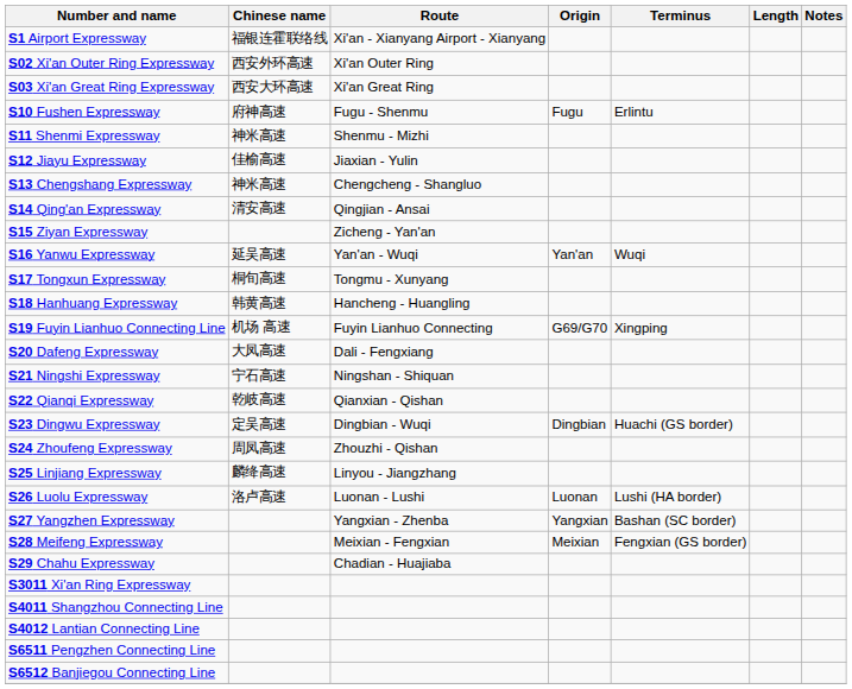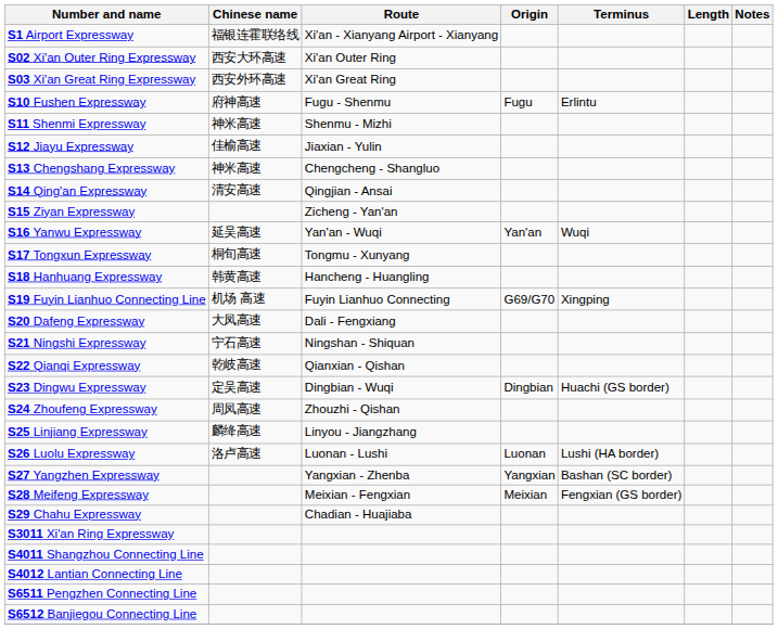 <table class="wikitable collapsible">
 <tr>
 <th>Number and name</th>
 <th>Chinese name</th>
 <th>Route</th>
 <th>Origin</th>
 <th>Terminus</th>
 <th>Length</th>
 <th>Notes</th>
 </tr>
 <tr>
 <td> <a href='#'><strong>S1</strong> Airport Expressway</a></td>
 <td>福银连霍联络线</td>
 <td>Xi'an - Xianyang Airport - Xianyang</td>
 <td></td>
 <td></td>
 <td></td>
 <td></td>
 </tr>
 <tr>
 <td><a href='#'><strong>S02</strong> Xi'an Outer Ring Expressway</a></td>
-<td>西安外环高速</td>
+<td>西安大环高速</td>
 <td>Xi'an Outer Ring</td>
 <td></td>
 <td></td>
 <td></td>
 <td></td>
 </tr>
 <tr>
 <td><a href='#'><strong>S03</strong> Xi'an Great Ring Expressway</a></td>
-<td>西安大环高速</td>
+<td>西安外环高速</td>
 <td>Xi'an Great Ring</td>
 <td></td>
 <td></td>
 <td></td>
 <td></td>
 </tr>
 <tr>
 <td><a href='#'><strong>S10</strong> Fushen Expressway</a></td>
 <td>府神高速</td>
 <td>Fugu - Shenmu</td>
 <td>Fugu</td>
 <td>Erlintu</td>
 <td></td>
 <td></td>
 </tr>
 <tr>
 <td><a href='#'><strong>S11</strong> Shenmi Expressway</a></td>
 <td>神米高速</td>
 <td>Shenmu - Mizhi</td>
 <td></td>
 <td></td>
 <td></td>
 <td></td>
 </tr>
 <tr>
 <td><a href='#'><strong>S12</strong> Jiayu Expressway</a></td>
 <td>佳榆高速</td>
 <td>Jiaxian - Yulin</td>
 <td></td>
 <td></td>
 <td></td>
 <td></td>
 </tr>
 <tr>
 <td><a href='#'><strong>S13</strong> Chengshang Expressway</a></td>
 <td>神米高速</td>
 <td>Chengcheng - Shangluo</td>
 <td></td>
 <td></td>
 <td></td>
 <td></td>
 </tr>
 <tr>
 <td><a href='#'><strong>S14</strong> Qing'an Expressway</a></td>
 <td>清安高速</td>
 <td>Qingjian - Ansai</td>
 <td></td>
 <td></td>
 <td></td>
 <td></td>
 </tr>
 <tr>
 <td><a href='#'><strong>S15</strong> Ziyan Expressway</a></td>
 <td></td>
 <td>Zicheng - Yan'an</td>
 <td></td>
 <td></td>
 <td></td>
 <td></td>
 </tr>
 <tr>
 <td> <a href='#'><strong>S16</strong> Yanwu Expressway</a></td>
 <td>延吴高速</td>
 <td>Yan'an - Wuqi</td>
 <td>Yan'an</td>
 <td>Wuqi</td>
 <td></td>
 <td></td>
 </tr>
 <tr>
 <td><a href='#'><strong>S17</strong> Tongxun Expressway</a></td>
 <td>桐旬高速</td>
 <td>Tongmu - Xunyang</td>
 <td></td>
 <td></td>
 <td></td>
 <td></td>
 </tr>
 <tr>
 <td><a href='#'><strong>S18</strong> Hanhuang Expressway</a></td>
 <td>韩黄高速</td>
 <td>Hancheng - Huangling</td>
 <td></td>
 <td></td>
 <td></td>
 <td></td>
 </tr>
 <tr>
 <td><a href='#'><strong>S19</strong> Fuyin Lianhuo Connecting Line</a></td>
 <td>机场 高速</td>
 <td>Fuyin Lianhuo Connecting</td>
 <td>G69/G70</td>
 <td>Xingping</td>
 <td></td>
 <td></td>
 </tr>
 <tr>
 <td><a href='#'><strong>S20</strong> Dafeng Expressway</a></td>
 <td>大凤高速</td>
 <td>Dali - Fengxiang</td>
 <td></td>
 <td></td>
 <td></td>
 <td></td>
 </tr>
 <tr>
 <td><a href='#'><strong>S21</strong> Ningshi Expressway</a></td>
 <td>宁石高速</td>
 <td>Ningshan - Shiquan</td>
 <td></td>
 <td></td>
 <td></td>
 <td></td>
 </tr>
 <tr>
 <td><a href='#'><strong>S22</strong> Qianqi Expressway</a></td>
 <td>乾岐高速</td>
 <td>Qianxian - Qishan</td>
 <td></td>
 <td></td>
 <td></td>
 <td></td>
 </tr>
 <tr>
 <td><a href='#'><strong>S23</strong> Dingwu Expressway</a></td>
 <td>定吴高速</td>
 <td>Dingbian - Wuqi</td>
 <td>Dingbian</td>
 <td>Huachi (GS border)</td>
 <td></td>
 <td></td>
 </tr>
 <tr>
 <td><a href='#'><strong>S24</strong> Zhoufeng Expressway</a></td>
 <td>周凤高速</td>
 <td>Zhouzhi - Qishan</td>
 <td></td>
 <td></td>
 <td></td>
 <td></td>
 </tr>
 <tr>
 <td><a href='#'><strong>S25</strong> Linjiang Expressway</a></td>
 <td>麟绛高速</td>
 <td>Linyou - Jiangzhang</td>
 <td></td>
 <td></td>
 <td></td>
 <td></td>
 </tr>
 <tr>
 <td><a href='#'><strong>S26</strong> Luolu Expressway</a></td>
 <td>洛卢高速</td>
 <td>Luonan - Lushi</td>
 <td>Luonan</td>
 <td>Lushi (HA border)</td>
 <td></td>
 <td></td>
 </tr>
 <tr>
 <td><a href='#'><strong>S27</strong> Yangzhen Expressway</a></td>
 <td></td>
 <td>Yangxian - Zhenba</td>
 <td>Yangxian</td>
 <td>Bashan (SC border)</td>
 <td></td>
 <td></td>
 </tr>
 <tr>
 <td><a href='#'><strong>S28</strong> Meifeng Expressway</a></td>
 <td></td>
 <td>Meixian - Fengxian</td>
 <td>Meixian</td>
 <td>Fengxian (GS border)</td>
 <td></td>
 <td></td>
 </tr>
 <tr>
 <td><a href='#'><strong>S29</strong> Chahu Expressway</a></td>
 <td></td>
 <td>Chadian - Huajiaba</td>
 <td></td>
 <td></td>
 <td></td>
 <td></td>
 </tr>
 <tr>
 <td><a href='#'><strong>S3011</strong> Xi'an Ring Expressway</a></td>
 <td></td>
 <td></td>
 <td></td>
 <td></td>
 <td></td>
 <td></td>
 </tr>
 <tr>
 <td><a href='#'><strong>S4011</strong> Shangzhou Connecting Line</a></td>
 <td></td>
 <td></td>
 <td></td>
 <td></td>
 <td></td>
 <td></td>
 </tr>
 <tr>
 <td><a href='#'><strong>S4012</strong> Lantian Connecting Line</a></td>
 <td></td>
 <td></td>
 <td></td>
 <td></td>
 <td></td>
 <td></td>
 </tr>
 <tr>
 <td><a href='#'><strong>S6511</strong> Pengzhen Connecting Line</a></td>
 <td></td>
 <td></td>
 <td></td>
 <td></td>
 <td></td>
 <td></td>
 </tr>
 <tr>
 <td><a href='#'><strong>S6512</strong> Banjiegou Connecting Line</a></td>
 <td></td>
 <td></td>
 <td></td>
 <td></td>
 <td></td>
 <td></td>
 </tr>
 <tr>
 </tr>
 </table>
